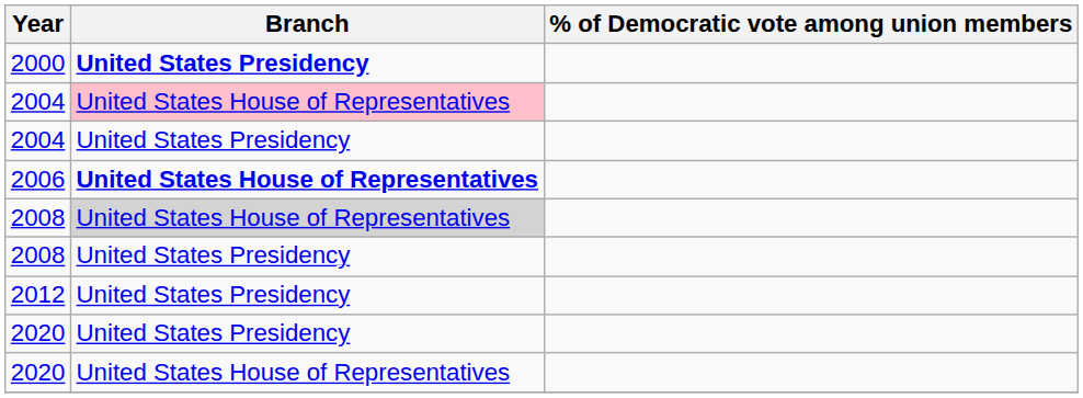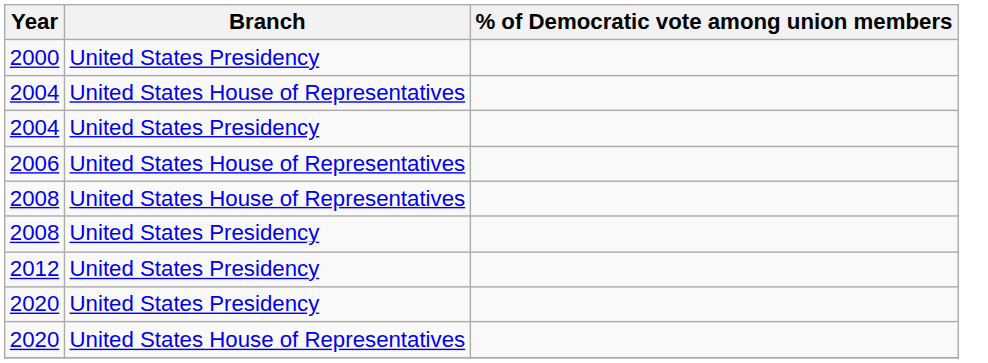 <table class="wikitable sortable collapsible">
 <tr>
 <th>Year</th>
 <th>Branch</th>
 <th colspan="2">% of Democratic vote among union members</th>
 </tr>
 <tr>
 <td><a href='#'>2000</a></td>
-<td><strong><a href='#'>United States Presidency</a></strong></td>
+<td><a href='#'>United States Presidency</a></td>
 <td align=right></td>
 </tr>
 <tr>
 <td><a href='#'>2004</a></td>
-<td style="background: pink;"><a href='#'>United States House of Representatives</a></td>
+<td><a href='#'>United States House of Representatives</a></td>
 <td align=right></td>
 </tr>
 <tr>
 <td><a href='#'>2004</a></td>
 <td><a href='#'>United States Presidency</a></td>
 <td align=right></td>
 </tr>
 <tr>
 <td><a href='#'>2006</a></td>
-<td><strong><a href='#'>United States House of Representatives</a></strong></td>
+<td><a href='#'>United States House of Representatives</a></td>
 <td align=right></td>
 </tr>
 <tr>
 <td><a href='#'>2008</a></td>
-<td style="background: lightgrey;"><a href='#'>United States House of Representatives</a></td>
+<td><a href='#'>United States House of Representatives</a></td>
 <td align=right></td>
 </tr>
 <tr>
 <td><a href='#'>2008</a></td>
 <td><a href='#'>United States Presidency</a></td>
 <td align=right></td>
 </tr>
 <tr>
 <td><a href='#'>2012</a></td>
 <td><a href='#'>United States Presidency</a></td>
 <td align=right></td>
 </tr>
 <tr>
 <td><a href='#'>2020</a></td>
 <td><a href='#'>United States Presidency</a></td>
 <td align=right></td>
 </tr>
 <tr>
 <td><a href='#'>2020</a></td>
 <td><a href='#'>United States House of Representatives</a></td>
 <td align=right></td>
 </tr>
 <tr>
 </tr>
 </table>
